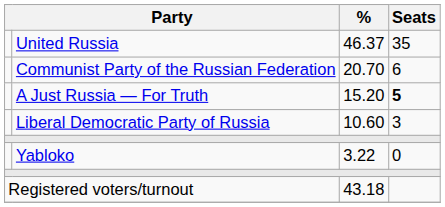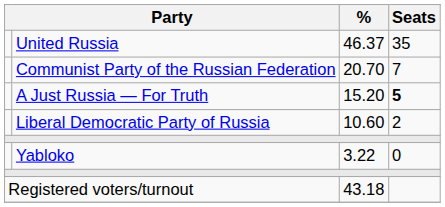 <table class="wikitable">
 <tr>
 <th colspan=2>Party</th>
 <th>%</th>
 <th>Seats</th>
 </tr>
 <tr>
 <td style="background:"></td>
 <td><a href='#'>United Russia</a></td>
 <td>46.37</td>
 <td>35</td>
 </tr>
 <tr>
 <td style="background:"></td>
 <td><a href='#'>Communist Party of the Russian Federation</a></td>
 <td>20.70</td>
-<td>6</td>
+<td>7</td>
 </tr>
 <tr>
 <td style="background:"></td>
 <td><a href='#'>A Just Russia — For Truth</a></td>
 <td>15.20</td>
 <td><strong>5</strong></td>
 </tr>
 <tr>
 <td style="background:"></td>
 <td><a href='#'>Liberal Democratic Party of Russia</a></td>
 <td>10.60</td>
-<td>3</td>
+<td>2</td>
 </tr>
 <tr>
 <td colspan=4 style="background:#E9E9E9;"></td>
 </tr>
 <tr>
 <td style="background:"></td>
 <td><a href='#'>Yabloko</a></td>
 <td>3.22</td>
 <td>0</td>
 </tr>
 <tr>
 <td colspan=4 style="background:#E9E9E9;"></td>
 </tr>
 <tr>
 <td align=left colspan=2>Registered voters/turnout</td>
 <td>43.18</td>
 <td></td>
 </tr>
 <tr>
 </tr>
 </table>
